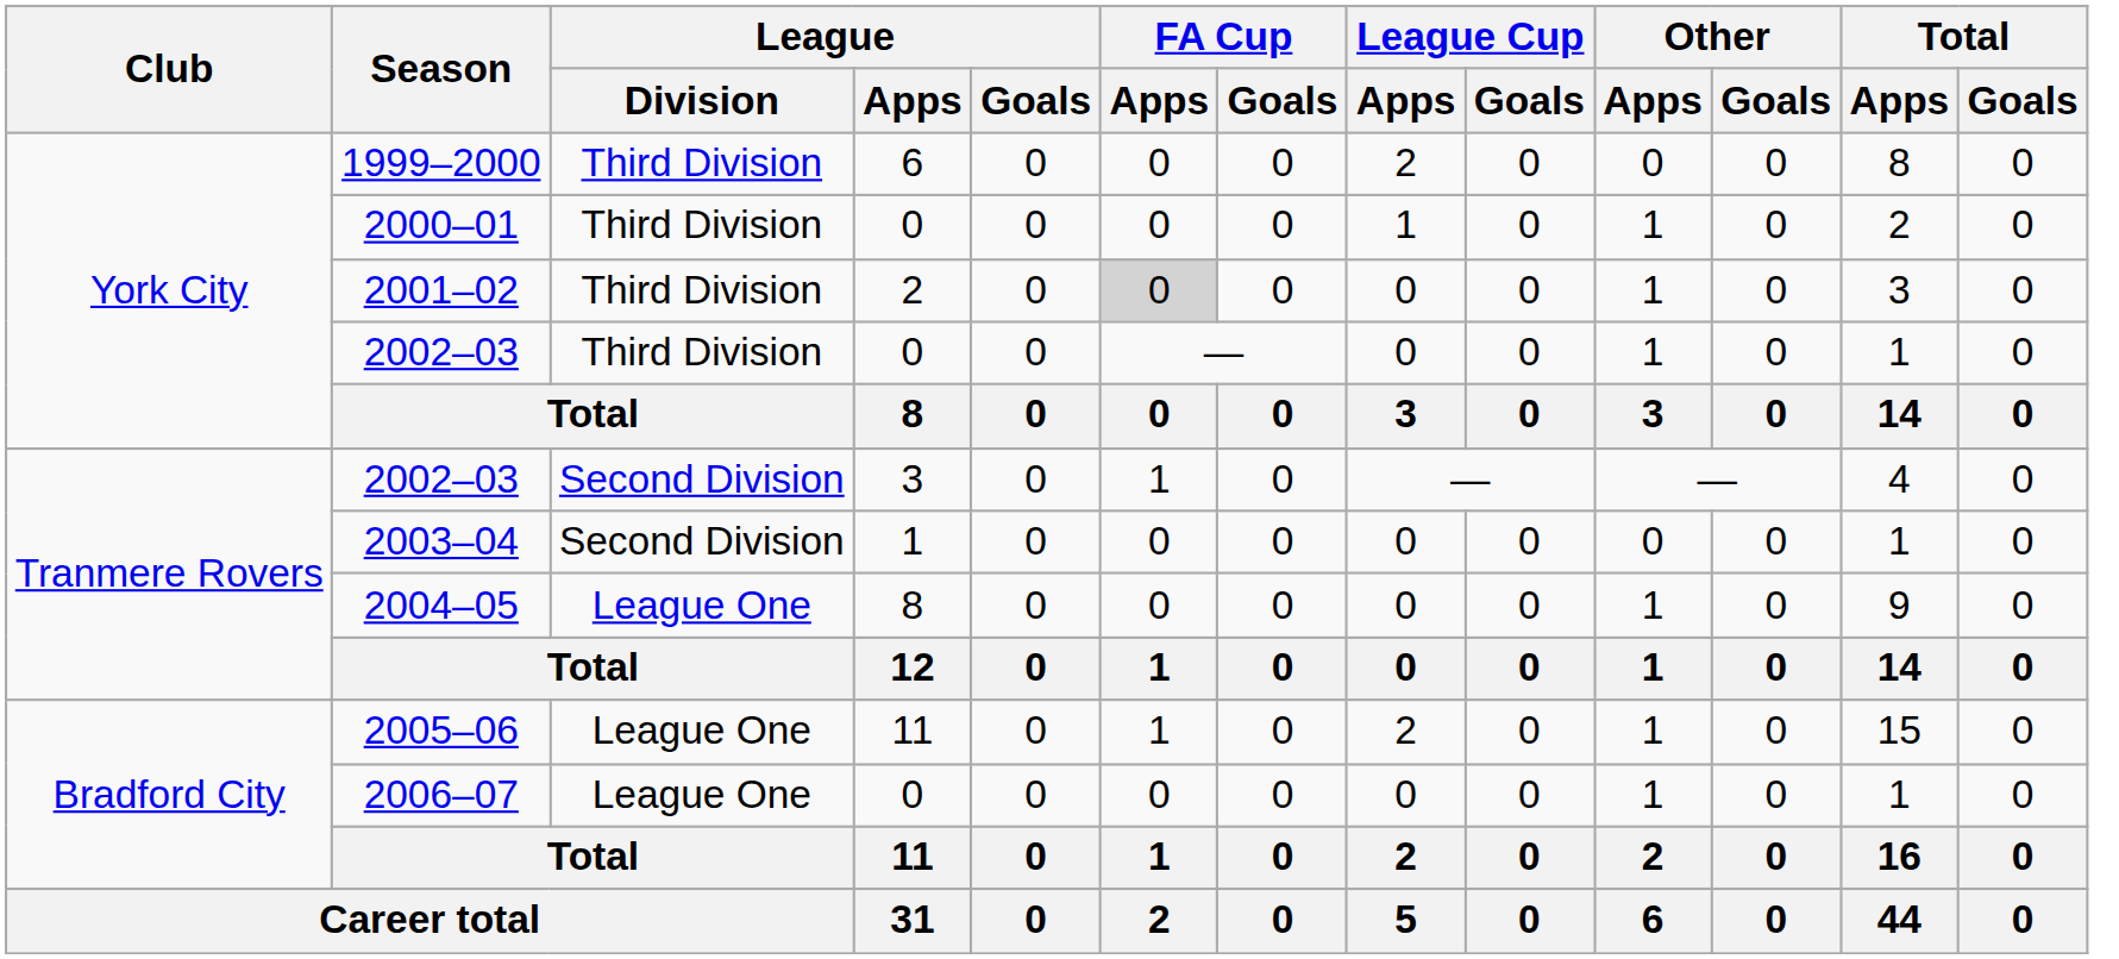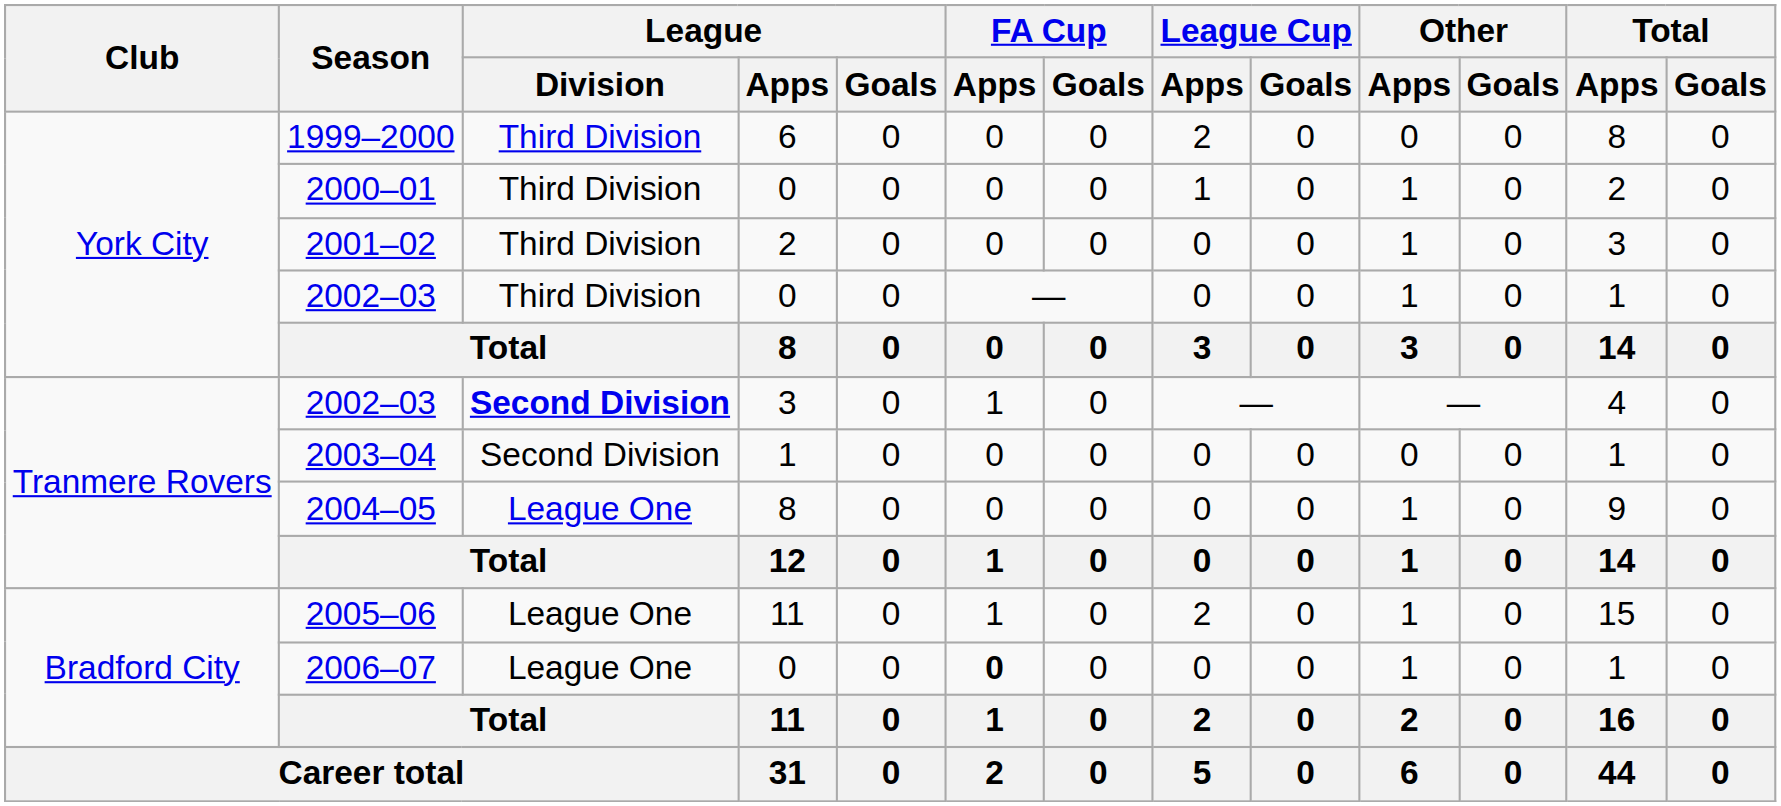 <table class=wikitable style="text-align: center">
 <tr>
 <th rowspan=2>Club</th>
 <th rowspan=2>Season</th>
 <th colspan=3>League</th>
 <th colspan=2><a href='#'>FA Cup</a></th>
 <th colspan=2><a href='#'>League Cup</a></th>
 <th colspan=2>Other</th>
 <th colspan=2>Total</th>
 </tr>
 <tr>
 <th>Division</th>
 <th>Apps</th>
 <th>Goals</th>
 <th>Apps</th>
 <th>Goals</th>
 <th>Apps</th>
 <th>Goals</th>
 <th>Apps</th>
 <th>Goals</th>
 <th>Apps</th>
 <th>Goals</th>
 </tr>
 <tr>
 <td rowspan=5><a href='#'>York City</a></td>
 <td><a href='#'>1999–2000</a></td>
 <td><a href='#'>Third Division</a></td>
 <td>6</td>
 <td>0</td>
 <td>0</td>
 <td>0</td>
 <td>2</td>
 <td>0</td>
 <td>0</td>
 <td>0</td>
 <td>8</td>
 <td>0</td>
 </tr>
 <tr>
 <td><a href='#'>2000–01</a></td>
 <td>Third Division</td>
 <td>0</td>
 <td>0</td>
 <td>0</td>
 <td>0</td>
 <td>1</td>
 <td>0</td>
 <td>1</td>
 <td>0</td>
 <td>2</td>
 <td>0</td>
 </tr>
 <tr>
 <td><a href='#'>2001–02</a></td>
 <td>Third Division</td>
 <td>2</td>
 <td>0</td>
-<td style="background: lightgrey;">0</td>
+<td>0</td>
 <td>0</td>
 <td>0</td>
 <td>0</td>
 <td>1</td>
 <td>0</td>
 <td>3</td>
 <td>0</td>
 </tr>
 <tr>
 <td><a href='#'>2002–03</a></td>
 <td>Third Division</td>
 <td>0</td>
 <td>0</td>
 <td colspan=2>—</td>
 <td>0</td>
 <td>0</td>
 <td>1</td>
 <td>0</td>
 <td>1</td>
 <td>0</td>
 </tr>
 <tr>
 <th colspan=2>Total</th>
 <th>8</th>
 <th>0</th>
 <th>0</th>
 <th>0</th>
 <th>3</th>
 <th>0</th>
 <th>3</th>
 <th>0</th>
 <th>14</th>
 <th>0</th>
 </tr>
 <tr>
 <td rowspan=4><a href='#'>Tranmere Rovers</a></td>
 <td><a href='#'>2002–03</a></td>
-<td><a href='#'>Second Division</a></td>
+<td><strong><a href='#'>Second Division</a></strong></td>
 <td>3</td>
 <td>0</td>
 <td>1</td>
 <td>0</td>
 <td colspan=2>—</td>
 <td colspan=2>—</td>
 <td>4</td>
 <td>0</td>
 </tr>
 <tr>
 <td><a href='#'>2003–04</a></td>
 <td>Second Division</td>
 <td>1</td>
 <td>0</td>
 <td>0</td>
 <td>0</td>
 <td>0</td>
 <td>0</td>
 <td>0</td>
 <td>0</td>
 <td>1</td>
 <td>0</td>
 </tr>
 <tr>
 <td><a href='#'>2004–05</a></td>
 <td><a href='#'>League One</a></td>
 <td>8</td>
 <td>0</td>
 <td>0</td>
 <td>0</td>
 <td>0</td>
 <td>0</td>
 <td>1</td>
 <td>0</td>
 <td>9</td>
 <td>0</td>
 </tr>
 <tr>
 <th colspan=2>Total</th>
 <th>12</th>
 <th>0</th>
 <th>1</th>
 <th>0</th>
 <th>0</th>
 <th>0</th>
 <th>1</th>
 <th>0</th>
 <th>14</th>
 <th>0</th>
 </tr>
 <tr>
 <td rowspan=3><a href='#'>Bradford City</a></td>
 <td><a href='#'>2005–06</a></td>
 <td>League One</td>
 <td>11</td>
 <td>0</td>
 <td>1</td>
 <td>0</td>
 <td>2</td>
 <td>0</td>
 <td>1</td>
 <td>0</td>
 <td>15</td>
 <td>0</td>
 </tr>
 <tr>
 <td><a href='#'>2006–07</a></td>
 <td>League One</td>
 <td>0</td>
 <td>0</td>
-<td>0</td>
+<td><strong>0</strong></td>
 <td>0</td>
 <td>0</td>
 <td>0</td>
 <td>1</td>
 <td>0</td>
 <td>1</td>
 <td>0</td>
 </tr>
 <tr>
 <th colspan=2>Total</th>
 <th>11</th>
 <th>0</th>
 <th>1</th>
 <th>0</th>
 <th>2</th>
 <th>0</th>
 <th>2</th>
 <th>0</th>
 <th>16</th>
 <th>0</th>
 </tr>
 <tr>
 <th colspan=3>Career total</th>
 <th>31</th>
 <th>0</th>
 <th>2</th>
 <th>0</th>
 <th>5</th>
 <th>0</th>
 <th>6</th>
 <th>0</th>
 <th>44</th>
 <th>0</th>
 </tr>
 </table>
